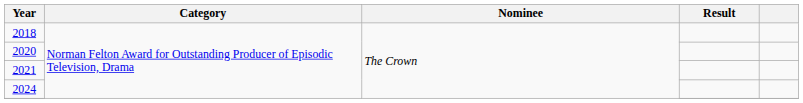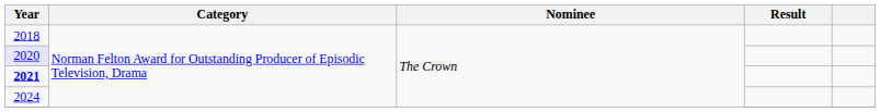 <table class="wikitable" style="width:85%;">
 <tr>
 <th width=5%>Year</th>
 <th style="width:40%;">Category</th>
 <th style="width:40%;">Nominee</th>
 <th style="width:10%;">Result</th>
 <th width=5%></th>
 </tr>
 <tr>
 <td style="text-align: center;"><a href='#'>2018</a></td>
 <td rowspan="5"><a href='#'>Norman Felton Award for Outstanding Producer of Episodic Television, Drama</a></td>
 <td rowspan="5"><em>The Crown</em></td>
 <td></td>
 <td></td>
 </tr>
 <tr>
-<td style="text-align: center;"><a href='#'>2020</a></td>
+<td style="background: lavender; text-align: center;"><a href='#'>2020</a></td>
 <td></td>
 <td></td>
 </tr>
 <tr>
-<td style="text-align: center;"><a href='#'>2021</a></td>
+<td style="text-align: center;"><strong><a href='#'>2021</a></strong></td>
 <td></td>
 <td></td>
 </tr>
 <tr>
 <td align="center"><a href='#'>2024</a></td>
 <td></td>
 <td></td>
 </tr>
 <tr>
 </tr>
 </table>
